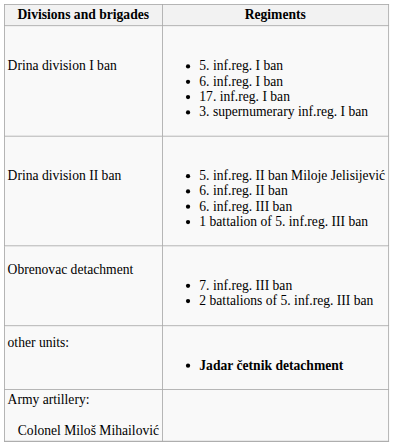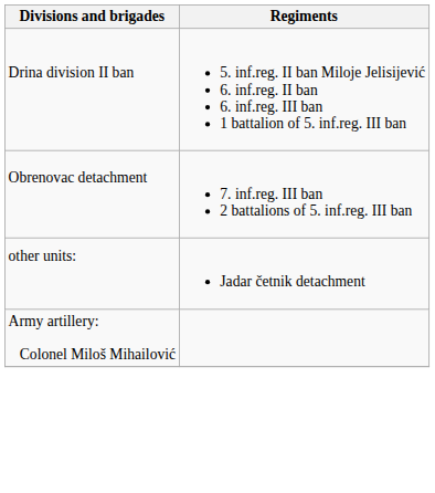 <table class="wikitable">
 <tr>
 <th>Divisions and brigades</th>
 <th>Regiments</th>
-</tr>
-<tr>
-<td>Drina division I ban<br><br>  </td>
-<td><br><ul><li>5. inf.reg. I ban</li><li>6. inf.reg. I ban</li><li>17. inf.reg. I ban</li><li>3. supernumerary inf.reg. I ban</li></ul></td>
 </tr>
 <tr>
 <td>Drina division II ban<br><br>  </td>
 <td><br><ul><li>5. inf.reg. II ban Miloje Jelisijević</li><li>6. inf.reg. II ban</li><li>6. inf.reg. III ban</li><li>1 battalion of 5. inf.reg. III ban</li></ul></td>
 </tr>
 <tr>
 <td>Obrenovac detachment<br><br>  </td>
 <td><br><ul><li>7. inf.reg. III ban</li><li>2 battalions of 5. inf.reg. III ban</li></ul></td>
 </tr>
 <tr>
 <td>other units:<br><br>  </td>
-<td><strong><br><ul><li>Jadar četnik detachment</li></ul></strong></td>
+<td><br><ul><li>Jadar četnik detachment</li></ul></td>
 </tr>
 <tr>
 <td>Army artillery:<br><br>   Colonel Miloš Mihailović</td>
 <td></td>
 </tr>
 <tr>
 </tr>
 </table>
